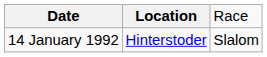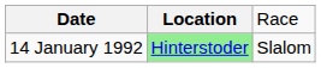 <table class=wikitable>
 <tr>
 <th>Date</th>
 <th>Location</th>
 <td>Race</td>
 </tr>
 <tr>
 <td>14 January 1992</td>
-<td> <a href='#'>Hinterstoder</a></td>
+<td style="background: lightgreen;"> <a href='#'>Hinterstoder</a></td>
 <td>Slalom</td>
 </tr>
 </table>
